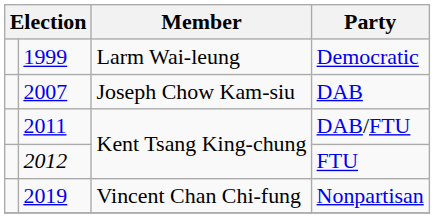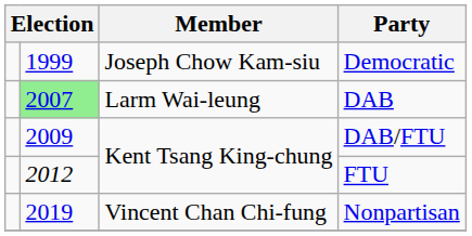 <table class="wikitable">
 <tr>
 <th colspan="2">Election</th>
 <th>Member</th>
 <th>Party</th>
 </tr>
 <tr>
 <td style="color:inherit;background:"></td>
 <td><a href='#'>1999</a></td>
-<td>Larm Wai-leung</td>
+<td>Joseph Chow Kam-siu</td>
 <td><a href='#'>Democratic</a></td>
 </tr>
 <tr>
 <td style="color:inherit;background:"></td>
-<td><a href='#'>2007</a></td>
-<td>Joseph Chow Kam-siu</td>
+<td style="background: lightgreen;"><a href='#'>2007</a></td>
+<td>Larm Wai-leung</td>
 <td><a href='#'>DAB</a></td>
 </tr>
 <tr>
 <td style="color:inherit;background:"></td>
-<td><a href='#'>2011</a></td>
+<td><a href='#'>2009</a></td>
 <td rowspan=2>Kent Tsang King-chung</td>
 <td><a href='#'>DAB</a>/<a href='#'>FTU</a></td>
 </tr>
 <tr>
 <td style="color:inherit;background:"></td>
 <td><em>2012</em></td>
 <td><a href='#'>FTU</a></td>
 </tr>
 <tr>
 <td style="color:inherit;background:"></td>
 <td><a href='#'>2019</a></td>
 <td>Vincent Chan Chi-fung</td>
 <td><a href='#'>Nonpartisan</a></td>
 </tr>
 <tr>
 </tr>
 </table>
